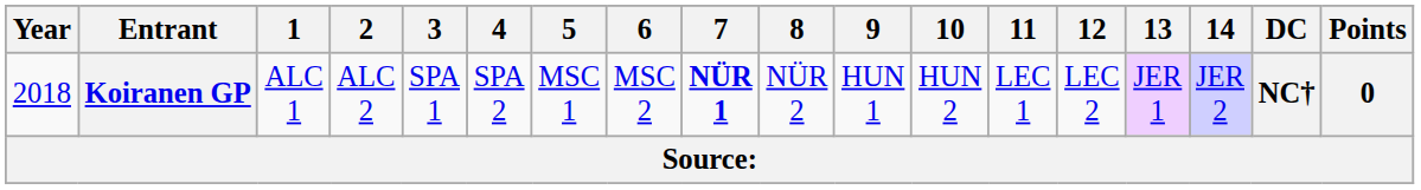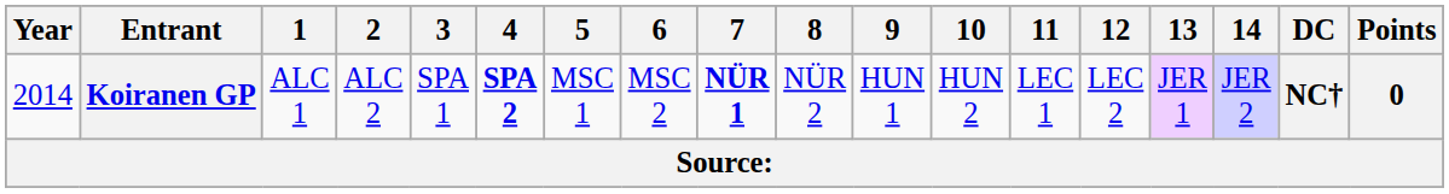 <table class="wikitable" style="text-align:center; font-size:85%">
 <tr>
 <th>Year</th>
 <th>Entrant</th>
 <th>1</th>
 <th>2</th>
 <th>3</th>
 <th>4</th>
 <th>5</th>
 <th>6</th>
 <th>7</th>
 <th>8</th>
 <th>9</th>
 <th>10</th>
 <th>11</th>
 <th>12</th>
 <th>13</th>
 <th>14</th>
 <th>DC</th>
 <th>Points</th>
 </tr>
 <tr>
-<td><a href='#'>2018</a></td>
+<td><a href='#'>2014</a></td>
 <th nowrap><a href='#'>Koiranen GP</a></th>
 <td style="background:#;"><a href='#'>ALC<br>1</a><br></td>
 <td style="background:#;"><a href='#'>ALC<br>2</a><br></td>
 <td style="background:#;"><a href='#'>SPA<br>1</a><br></td>
-<td style="background:#;"><a href='#'>SPA<br>2</a><br></td>
+<td style="background:#;"><strong><a href='#'>SPA<br>2</a><br></strong></td>
 <td style="background:#;"><a href='#'>MSC<br>1</a><br></td>
 <td style="background:#;"><a href='#'>MSC<br>2</a><br></td>
 <td style="background:#;"><strong><a href='#'>NÜR<br>1</a><br></strong></td>
 <td style="background:#;"><a href='#'>NÜR<br>2</a><br></td>
 <td style="background:#;"><a href='#'>HUN<br>1</a><br></td>
 <td style="background:#;"><a href='#'>HUN<br>2</a><br></td>
 <td style="background:#;"><a href='#'>LEC<br>1</a><br></td>
 <td style="background:#;"><a href='#'>LEC<br>2</a><br></td>
 <td style="background:#efcfff;"><a href='#'>JER<br>1</a><br></td>
 <td style="background:#cfcfff;"><a href='#'>JER<br>2</a><br></td>
 <th>NC†</th>
 <th>0</th>
 </tr>
 <tr class="sortbottom">
 <th colspan="100">Source:</th>
 </tr>
 </table>
